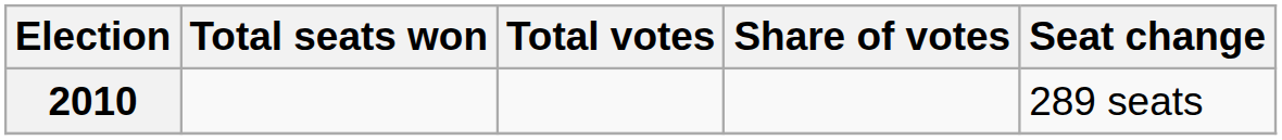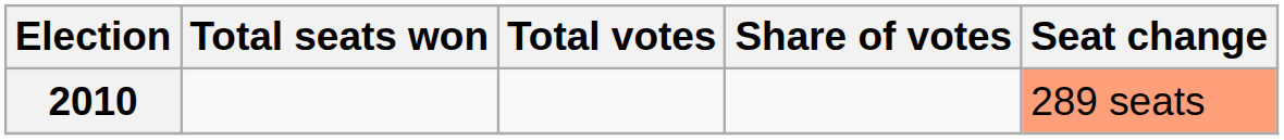 <table class="wikitable">
 <tr>
 <th>Election</th>
 <th>Total seats won</th>
 <th>Total votes</th>
 <th>Share of votes</th>
 <th>Seat change</th>
 </tr>
 <tr>
 <th>2010</th>
 <td></td>
 <td></td>
 <td></td>
-<td>289 seats</td>
+<td style="background: lightsalmon;">289 seats</td>
 </tr>
 <tr>
 </tr>
 </table>
